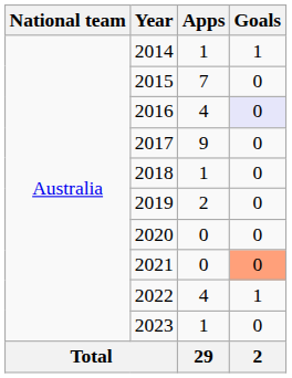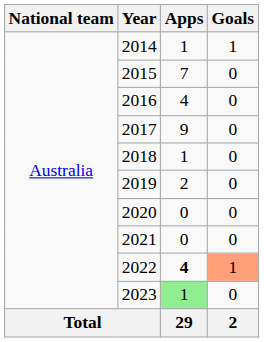 <table class="wikitable" style="text-align:center">
 <tr>
 <th>National team</th>
 <th>Year</th>
 <th>Apps</th>
 <th>Goals</th>
 </tr>
 <tr>
 <td rowspan=10><a href='#'>Australia</a></td>
 <td>2014</td>
 <td>1</td>
 <td>1</td>
 </tr>
 <tr>
 <td>2015</td>
 <td>7</td>
 <td>0</td>
 </tr>
 <tr>
 <td>2016</td>
 <td>4</td>
-<td style="background: lavender;">0</td>
+<td>0</td>
 </tr>
 <tr>
 <td>2017</td>
 <td>9</td>
 <td>0</td>
 </tr>
 <tr>
 <td>2018</td>
 <td>1</td>
 <td>0</td>
 </tr>
 <tr>
 <td>2019</td>
 <td>2</td>
 <td>0</td>
 </tr>
 <tr>
 <td>2020</td>
 <td>0</td>
 <td>0</td>
 </tr>
 <tr>
 <td>2021</td>
 <td>0</td>
-<td style="background: lightsalmon;">0</td>
+<td>0</td>
 </tr>
 <tr>
 <td>2022</td>
-<td>4</td>
-<td>1</td>
+<td><strong>4</strong></td>
+<td style="background: lightsalmon;">1</td>
 </tr>
 <tr>
 <td>2023</td>
-<td>1</td>
+<td style="background: lightgreen;">1</td>
 <td>0</td>
 </tr>
 <tr>
 <th colspan=2>Total</th>
 <th>29</th>
 <th>2</th>
 </tr>
 </table>
